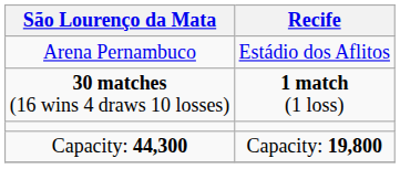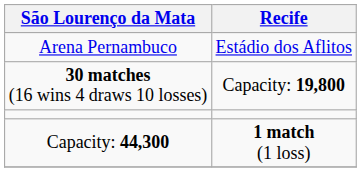 <table class="wikitable" style="text-align:center">
 <tr>
 <th><a href='#'>São Lourenço da Mata</a></th>
 <th><a href='#'>Recife</a></th>
 </tr>
 <tr>
 <td><a href='#'>Arena Pernambuco</a></td>
 <td><a href='#'>Estádio dos Aflitos</a></td>
 </tr>
 <tr>
 <td><strong>30 matches</strong><br>(16 wins 4 draws 10 losses)</td>
-<td><strong>1 match</strong><br>(1 loss)</td>
+<td>Capacity: <strong>19,800</strong></td>
 </tr>
 <tr>
 <td></td>
 <td></td>
 </tr>
 <tr>
 <td>Capacity: <strong>44,300</strong></td>
-<td>Capacity: <strong>19,800</strong></td>
+<td><strong>1 match</strong><br>(1 loss)</td>
 </tr>
 <tr>
 </tr>
 </table>
